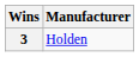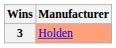 <table class="wikitable" style="font-size: 95%;">
 <tr>
 <th>Wins</th>
 <th>Manufacturer</th>
 </tr>
 <tr>
 <th>3</th>
-<td><a href='#'>Holden</a></td>
+<td style="background: lightsalmon;"><a href='#'>Holden</a></td>
 </tr>
 </table>
